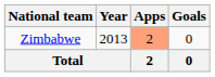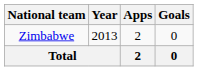 <table class="wikitable" style="text-align:center">
 <tr>
 <th>National team</th>
 <th>Year</th>
 <th>Apps</th>
 <th>Goals</th>
 </tr>
 <tr>
 <td rowspan="1"><a href='#'>Zimbabwe</a></td>
 <td>2013</td>
-<td style="background: lightsalmon;">2</td>
+<td>2</td>
 <td>0</td>
 </tr>
 <tr>
 <th colspan=2>Total</th>
 <th>2</th>
 <th>0</th>
 </tr>
 </table>
